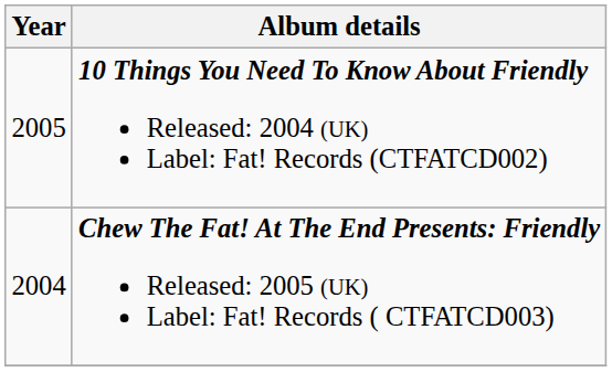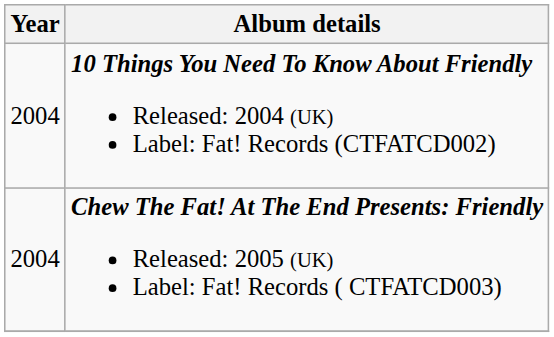 <table class="wikitable" style="text-align:center;">
 <tr>
 <th rowspan="1">Year</th>
 <th rowspan="1">Album details</th>
 </tr>
 <tr>
-<td>2005</td>
+<td>2004</td>
 <td align="left"><strong><em>10 Things You Need To Know About Friendly</em></strong><br><ul><li>Released: 2004 <small> (UK) </small></li><li>Label: Fat! Records (CTFATCD002)</li></ul></td>
 </tr>
 <tr>
 <td>2004</td>
 <td align="left"><strong><em>Chew The Fat! At The End Presents: Friendly</em></strong><br><ul><li>Released: 2005 <small> (UK) </small></li><li>Label: Fat! Records ( CTFATCD003)</li></ul></td>
 </tr>
 <tr>
 </tr>
 </table>
